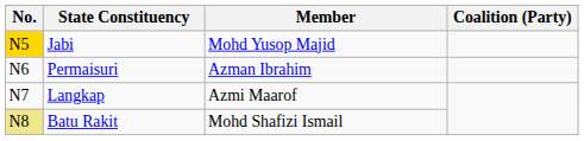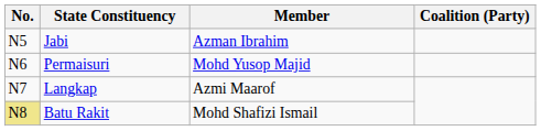 <table class="wikitable">
 <tr>
 <th width="30">No.</th>
 <th width="150">State Constituency</th>
 <th width="230">Member</th>
 <th width="120">Coalition (Party)</th>
 </tr>
 <tr>
-<td style="background: gold;">N5</td>
+<td>N5</td>
 <td><a href='#'>Jabi</a></td>
-<td><a href='#'>Mohd Yusop Majid</a></td>
+<td><a href='#'>Azman Ibrahim</a></td>
 <td></td>
 </tr>
 <tr>
 <td>N6</td>
 <td><a href='#'>Permaisuri</a></td>
-<td><a href='#'>Azman Ibrahim</a></td>
+<td><a href='#'>Mohd Yusop Majid</a></td>
 <td></td>
 </tr>
 <tr>
 <td>N7</td>
 <td><a href='#'>Langkap</a></td>
 <td>Azmi Maarof</td>
 <td rowspan=2></td>
 </tr>
 <tr>
 <td style="background: khaki;">N8</td>
 <td><a href='#'>Batu Rakit</a></td>
 <td>Mohd Shafizi Ismail</td>
 </tr>
 </table>
